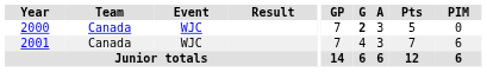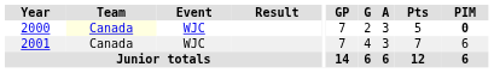 <table border="0" cellpadding="1" cellspacing="0" ID="Table3" style="text-align:center; width:40em">
 <tr ALIGN="center" bgcolor="#e0e0e0">
 <th>Year</th>
 <th>Team</th>
 <th>Event</th>
 <th>Result</th>
 <th rowspan="99" bgcolor="#ffffff"></th>
 <th>GP</th>
 <th>G</th>
 <th>A</th>
 <th>Pts</th>
 <th>PIM</th>
 </tr>
 <tr>
 <td><a href='#'>2000</a></td>
-<td><a href='#'>Canada</a></td>
+<td style="background: lightyellow;"><a href='#'>Canada</a></td>
 <td><a href='#'>WJC</a></td>
 <td></td>
 <td>7</td>
-<td><strong>2</strong></td>
+<td>2</td>
 <td>3</td>
 <td>5</td>
-<td>0</td>
+<td><strong>0</strong></td>
 </tr>
 <tr bgcolor="#f0f0f0">
 <td><a href='#'>2001</a></td>
 <td>Canada</td>
 <td>WJC</td>
 <td></td>
 <td>7</td>
 <td>4</td>
 <td>3</td>
 <td>7</td>
 <td>6</td>
 </tr>
 <tr bgcolor="#e0e0e0">
 <th colspan="4">Junior totals</th>
 <th>14</th>
 <th>6</th>
 <th>6</th>
 <th>12</th>
 <th>6</th>
 </tr>
 </table>
